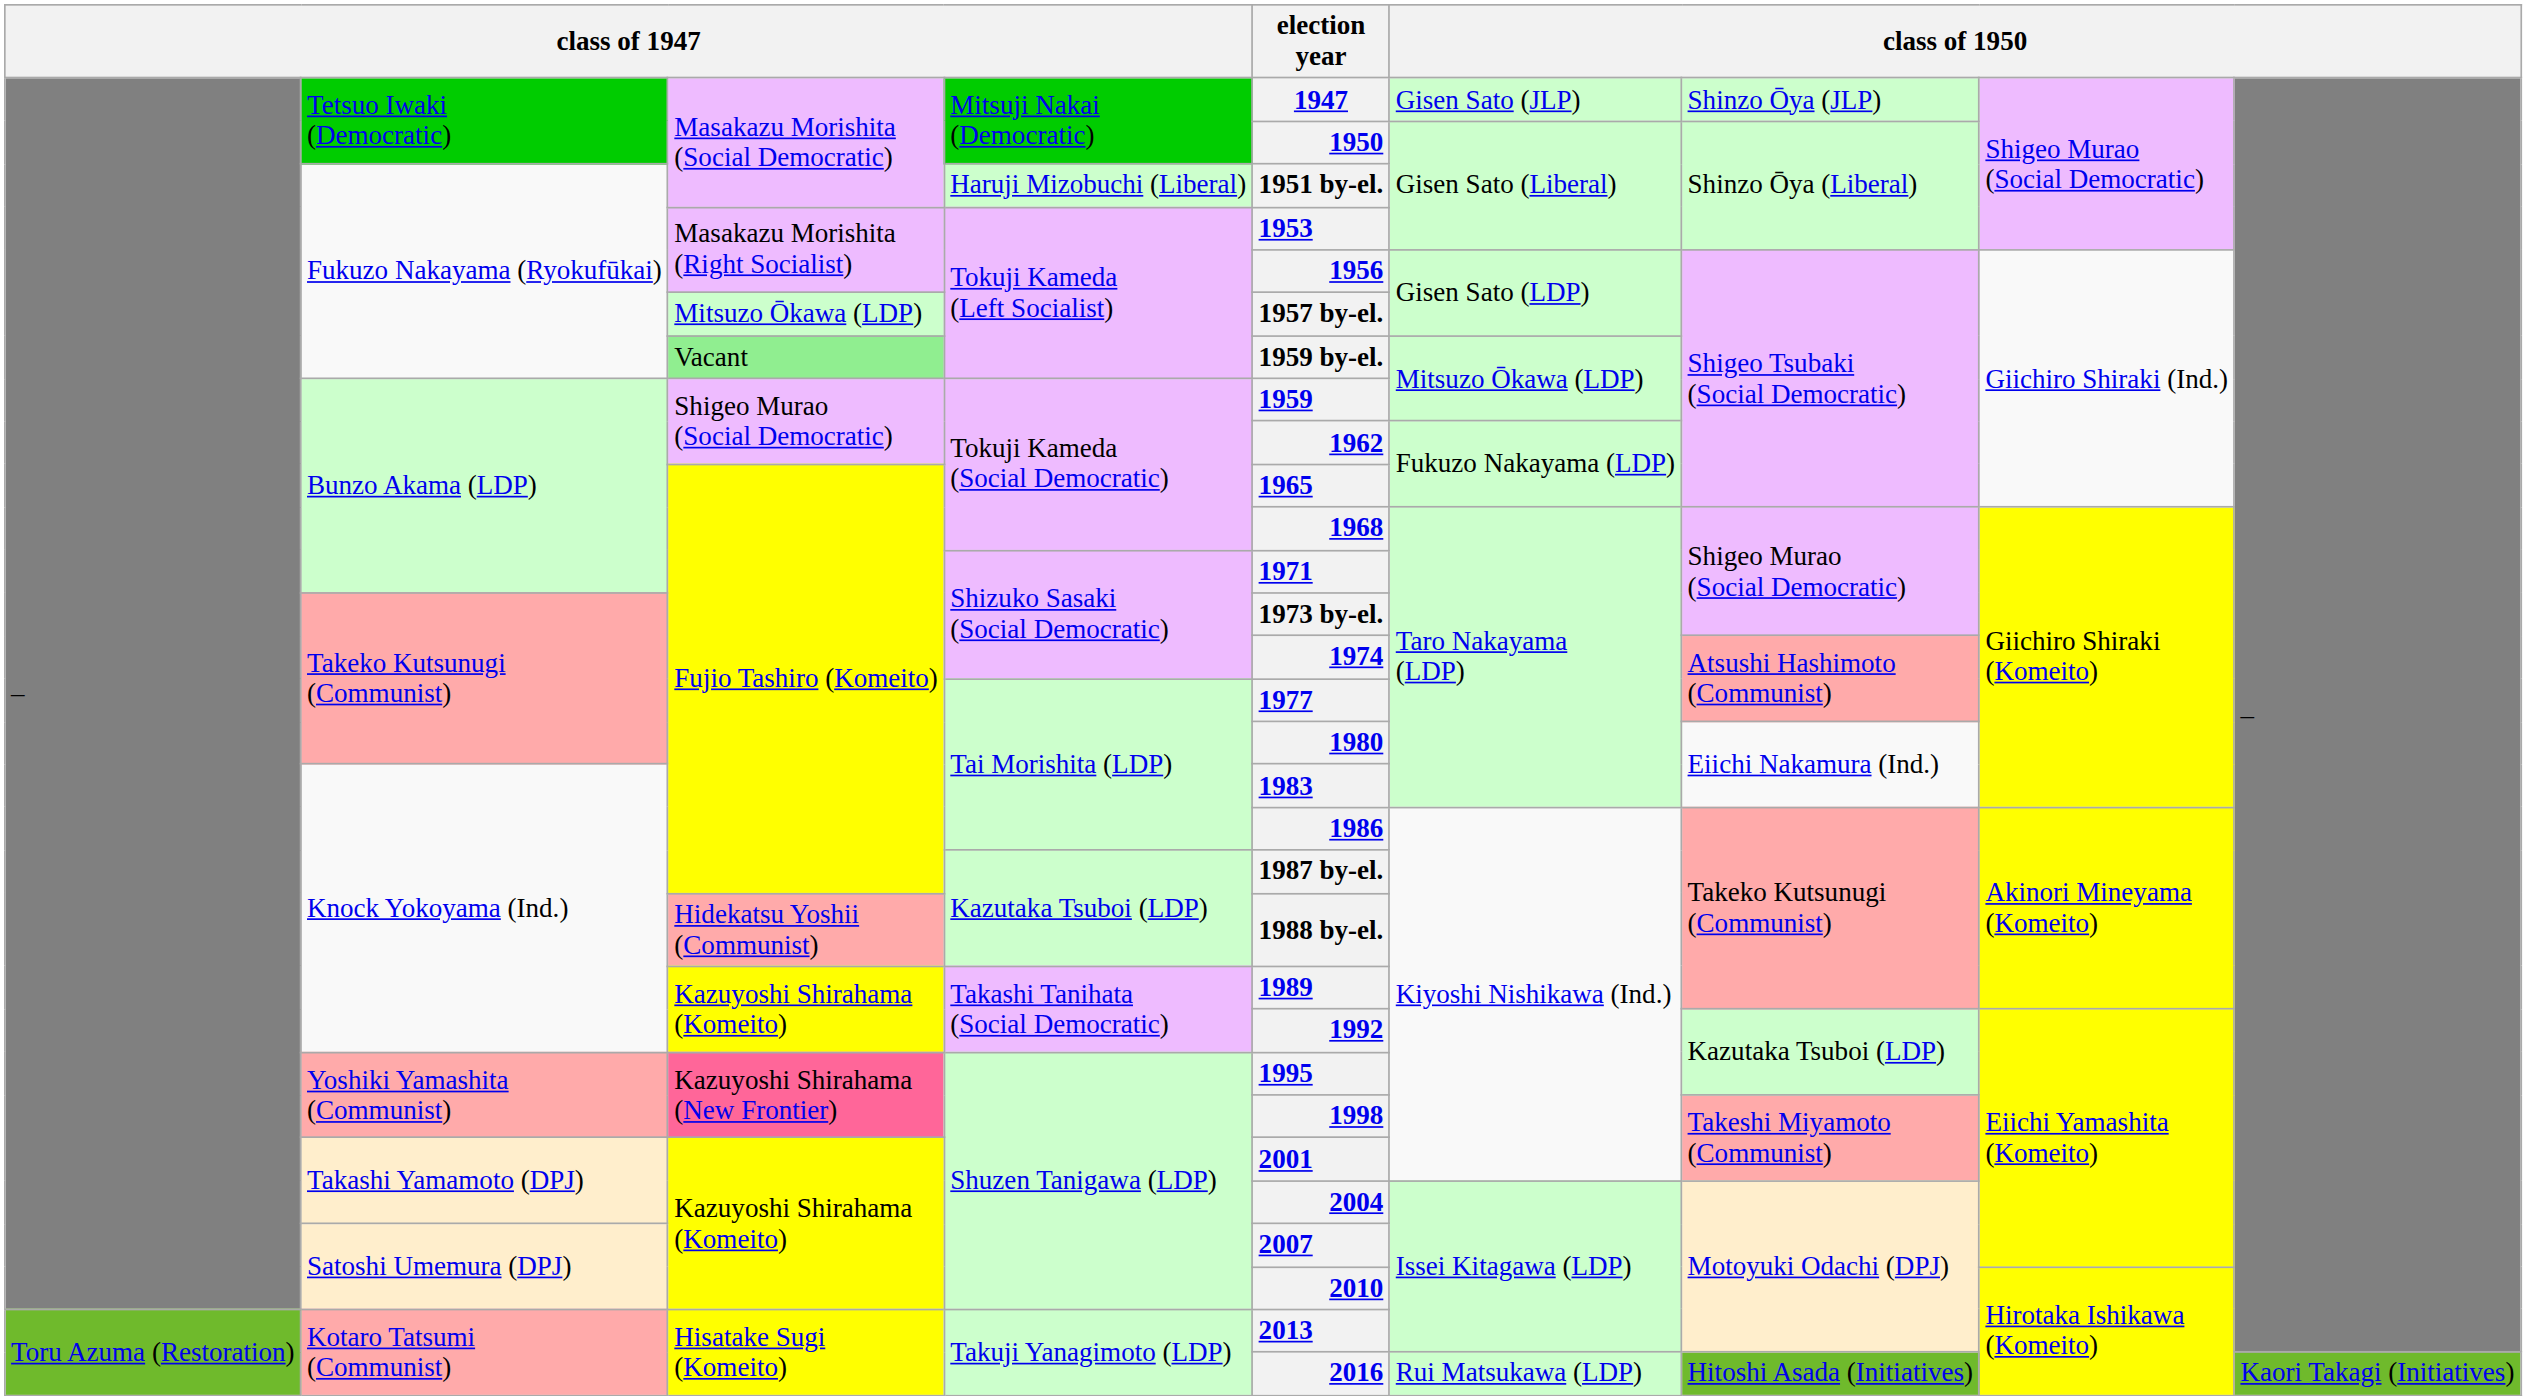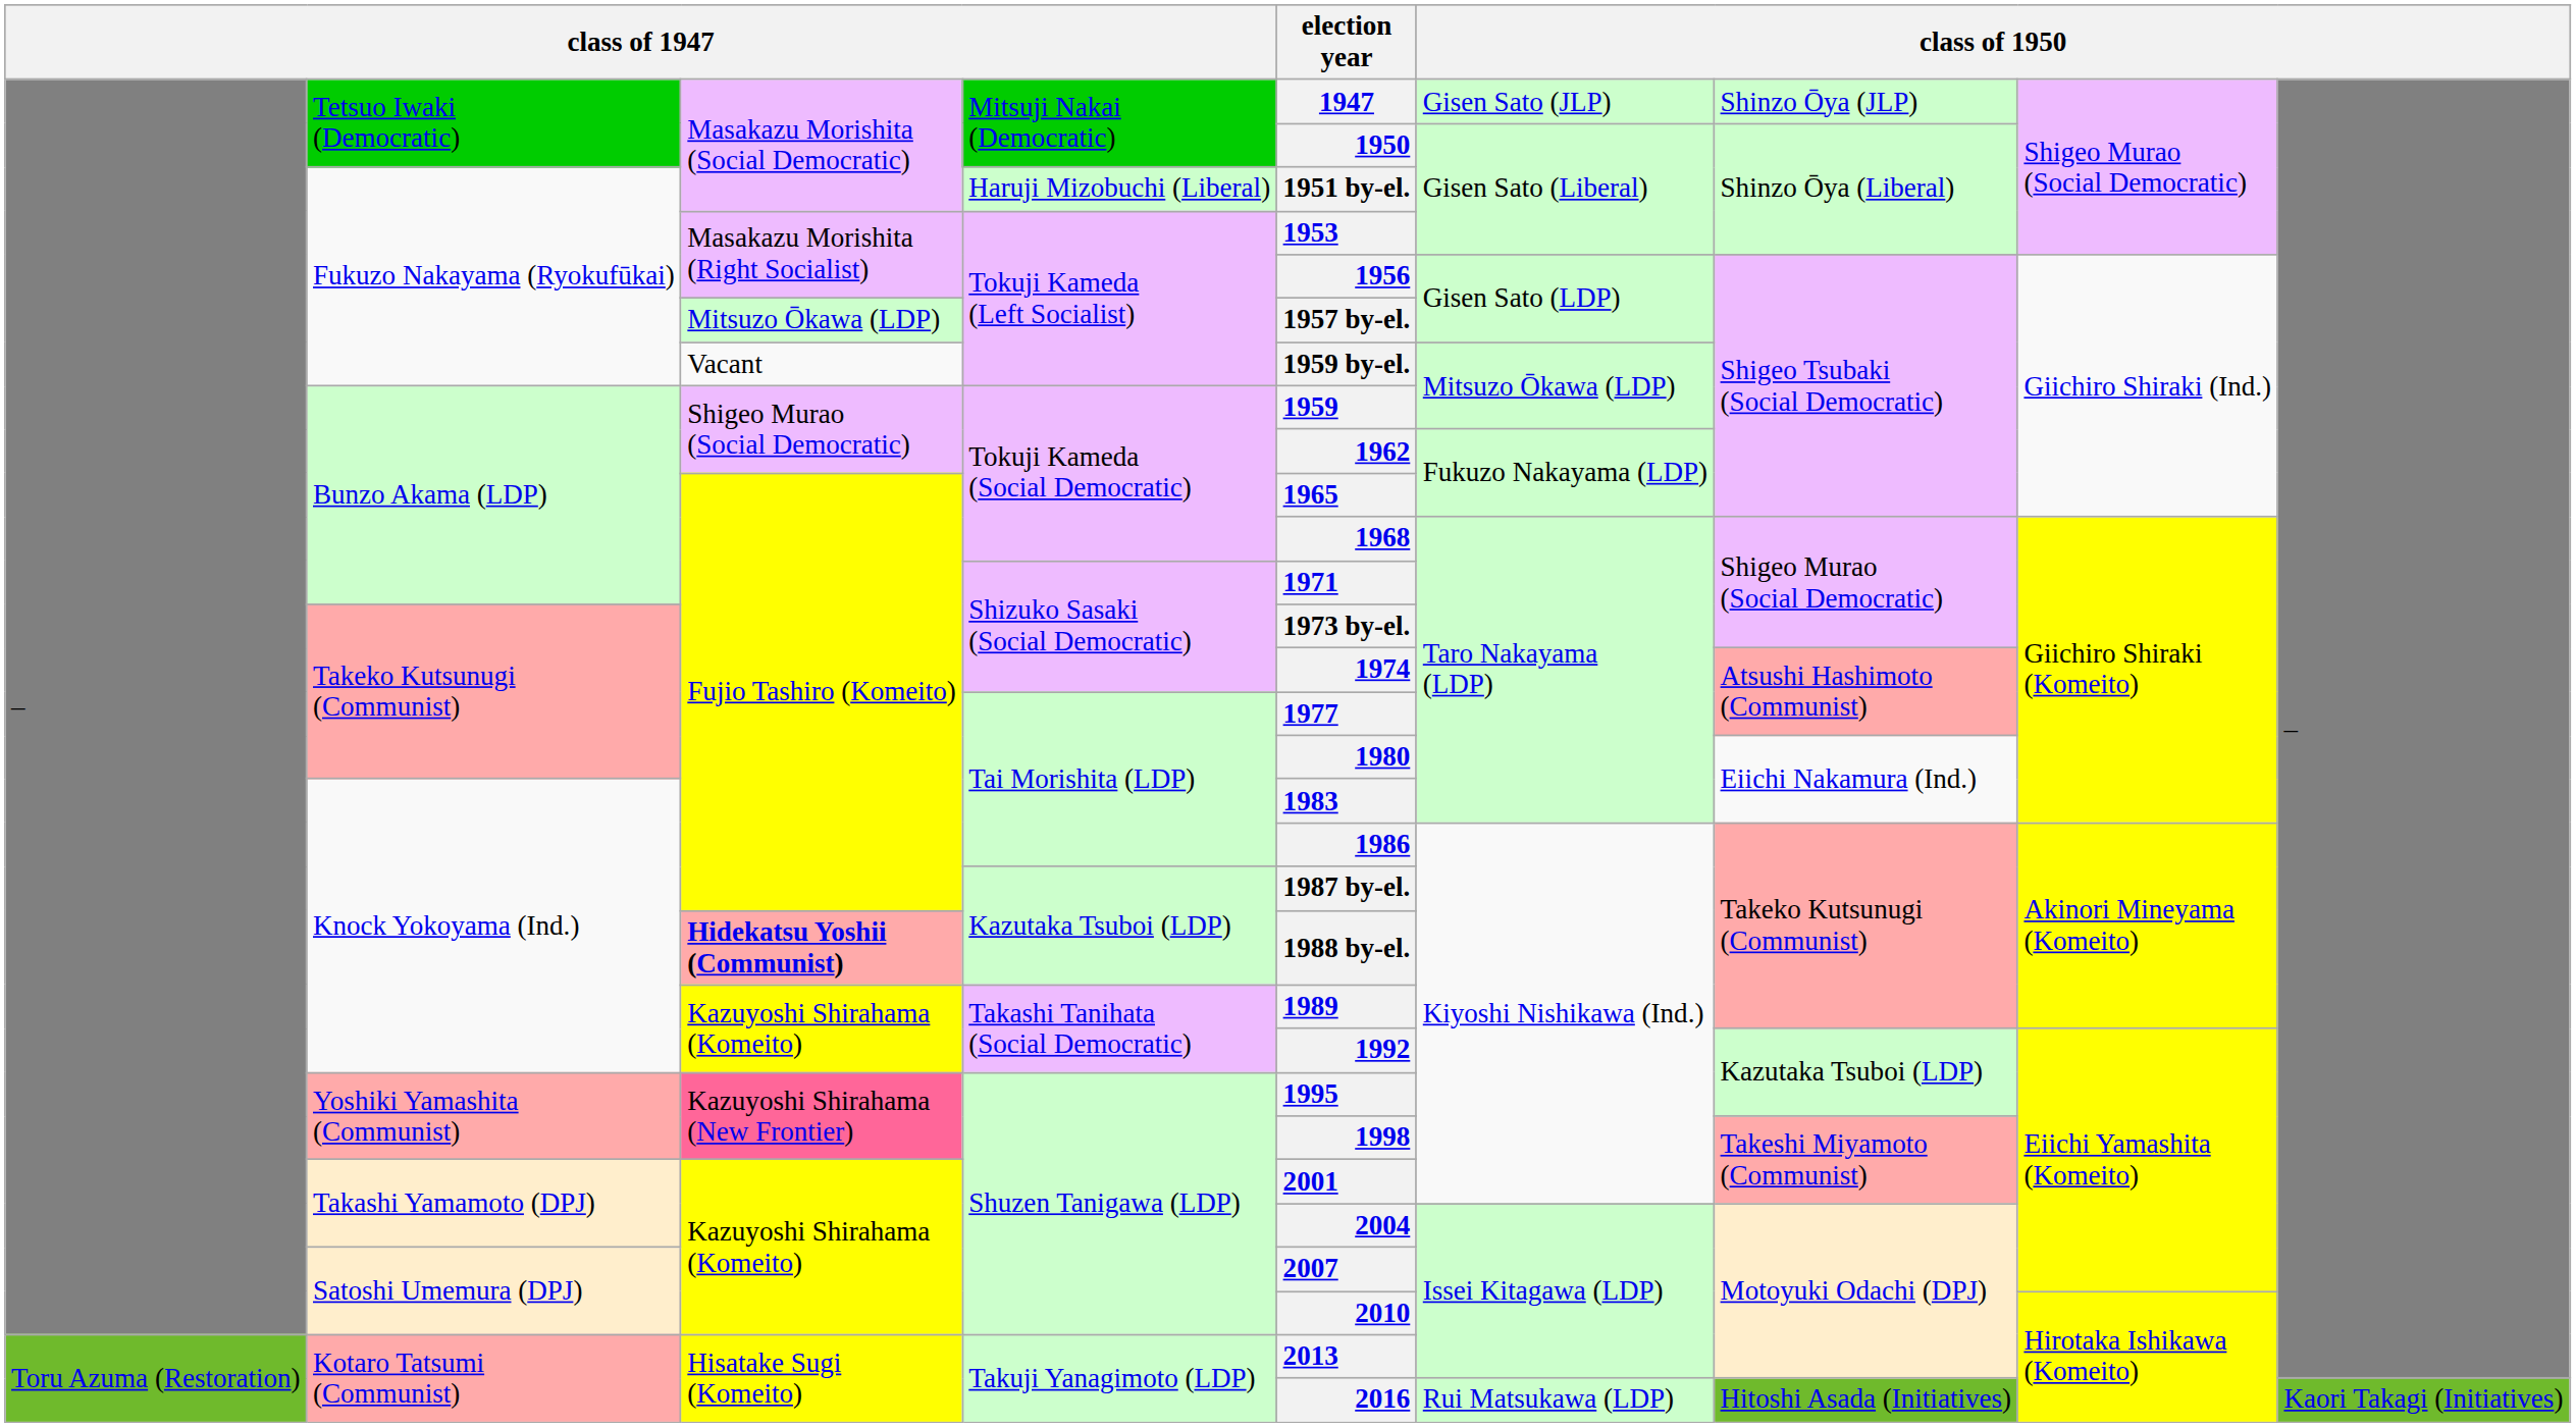 <table class="wikitable" border="1">
 <tr>
 <th colspan="4">class of 1947</th>
 <th>election<br>year</th>
 <th colspan="4">class of 1950</th>
 </tr>
 <tr>
 <td rowspan="28" bgcolor=grey>–</td>
 <td rowspan="2" bgcolor="#00CC00"><a href='#'>Tetsuo Iwaki</a><br>(<a href='#'>Democratic</a>)</td>
 <td rowspan="3" bgcolor="#EEBBFF"><a href='#'>Masakazu Morishita</a><br>(<a href='#'>Social Democratic</a>)</td>
 <td rowspan="2" bgcolor="#00CC00"><a href='#'>Mitsuji Nakai</a><br>(<a href='#'>Democratic</a>)</td>
 <th><a href='#'>1947</a></th>
 <td bgcolor="#CCFFCC"><a href='#'>Gisen Sato</a> (<a href='#'>JLP</a>)</td>
 <td bgcolor="#CCFFCC"><a href='#'>Shinzo Ōya</a> (<a href='#'>JLP</a>)</td>
 <td rowspan="4" bgcolor="#EEBBFF"><a href='#'>Shigeo Murao</a><br>(<a href='#'>Social Democratic</a>)</td>
 <td rowspan="29" bgcolor=grey>–</td>
 </tr>
 <tr>
 <th style="text-align: right"><a href='#'>1950</a></th>
 <td rowspan="3" bgcolor="#CCFFCC">Gisen Sato (<a href='#'>Liberal</a>)</td>
 <td rowspan="3" bgcolor="#CCFFCC">Shinzo Ōya (<a href='#'>Liberal</a>)</td>
 </tr>
 <tr>
 <td rowspan="5"><a href='#'>Fukuzo Nakayama</a> (<a href='#'>Ryokufūkai</a>)</td>
 <td bgcolor="#CCFFCC"><a href='#'>Haruji Mizobuchi</a> (<a href='#'>Liberal</a>)</td>
 <th style="text-align: left">1951 by-el.</th>
 </tr>
 <tr>
 <td rowspan="2" bgcolor="#EEBBFF">Masakazu Morishita<br>(<a href='#'>Right Socialist</a>)</td>
 <td rowspan="4" bgcolor="#EEBBFF"><a href='#'>Tokuji Kameda</a><br>(<a href='#'>Left Socialist</a>)</td>
 <th style="text-align: left"><a href='#'>1953</a></th>
 </tr>
 <tr>
 <th style="text-align: right"><a href='#'>1956</a></th>
 <td rowspan="2" bgcolor="#CCFFCC">Gisen Sato (<a href='#'>LDP</a>)</td>
 <td rowspan="6" bgcolor="#EEBBFF"><a href='#'>Shigeo Tsubaki</a><br>(<a href='#'>Social Democratic</a>)</td>
 <td rowspan="6"><a href='#'>Giichiro Shiraki</a> (Ind.)</td>
 </tr>
 <tr>
 <td bgcolor="#CCFFCC"><a href='#'>Mitsuzo Ōkawa</a> (<a href='#'>LDP</a>)</td>
 <th style="text-align: left">1957 by-el.</th>
 </tr>
 <tr>
-<td style="background: lightgreen;">Vacant</td>
+<td>Vacant</td>
 <th style="text-align: right">1959 by-el.</th>
 <td rowspan="2" bgcolor="#CCFFCC"><a href='#'>Mitsuzo Ōkawa</a> (<a href='#'>LDP</a>)</td>
 </tr>
 <tr>
 <td rowspan="5" bgcolor="#CCFFCC"><a href='#'>Bunzo Akama</a> (<a href='#'>LDP</a>)</td>
 <td rowspan="2" bgcolor="#EEBBFF">Shigeo Murao<br>(<a href='#'>Social Democratic</a>)</td>
 <td rowspan="4" bgcolor="#EEBBFF">Tokuji Kameda<br>(<a href='#'>Social Democratic</a>)</td>
 <th style="text-align: left"><a href='#'>1959</a></th>
 </tr>
 <tr>
 <th style="text-align: right"><a href='#'>1962</a></th>
 <td rowspan="2" bgcolor="#CCFFCC">Fukuzo Nakayama (<a href='#'>LDP</a>)</td>
 </tr>
 <tr>
 <td rowspan="10" bgcolor="#FFFF00"><a href='#'>Fujio Tashiro</a> (<a href='#'>Komeito</a>)</td>
 <th style="text-align: left"><a href='#'>1965</a></th>
 </tr>
 <tr>
 <th style="text-align: right"><a href='#'>1968</a></th>
 <td rowspan="7" bgcolor="#CCFFCC"><a href='#'>Taro Nakayama</a><br> (<a href='#'>LDP</a>)</td>
 <td rowspan="3" bgcolor="#EEBBFF">Shigeo Murao<br>(<a href='#'>Social Democratic</a>)</td>
 <td rowspan="7" bgcolor="#FFFF00">Giichiro Shiraki<br> (<a href='#'>Komeito</a>)</td>
 </tr>
 <tr>
 <td rowspan="3" bgcolor="#EEBBFF"><a href='#'>Shizuko Sasaki</a><br>(<a href='#'>Social Democratic</a>)</td>
 <th style="text-align: left"><a href='#'>1971</a></th>
 </tr>
 <tr>
 <td rowspan="4" bgcolor="#FFAAAA"><a href='#'>Takeko Kutsunugi</a><br>(<a href='#'>Communist</a>)</td>
 <th style="text-align: left">1973 by-el.</th>
 </tr>
 <tr>
 <th style="text-align: right"><a href='#'>1974</a></th>
 <td rowspan="2" bgcolor="#FFAAAA"><a href='#'>Atsushi Hashimoto</a><br>(<a href='#'>Communist</a>)</td>
 </tr>
 <tr>
 <td rowspan="4" bgcolor="#CCFFCC"><a href='#'>Tai Morishita</a> (<a href='#'>LDP</a>)</td>
 <th style="text-align: left"><a href='#'>1977</a></th>
 </tr>
 <tr>
 <th style="text-align: right"><a href='#'>1980</a></th>
 <td rowspan="2"><a href='#'>Eiichi Nakamura</a> (Ind.)</td>
 </tr>
 <tr>
 <td rowspan="6"><a href='#'>Knock Yokoyama</a> (Ind.)</td>
 <th style="text-align: left"><a href='#'>1983</a></th>
 </tr>
 <tr>
 <th style="text-align: right"><a href='#'>1986</a></th>
 <td rowspan="8"><a href='#'>Kiyoshi Nishikawa</a> (Ind.)</td>
 <td rowspan="4" bgcolor="#FFAAAA">Takeko Kutsunugi<br>(<a href='#'>Communist</a>)</td>
 <td rowspan="4" bgcolor="#FFFF00"><a href='#'>Akinori Mineyama</a><br> (<a href='#'>Komeito</a>)</td>
 </tr>
 <tr>
 <td rowspan="2" bgcolor="#CCFFCC"><a href='#'>Kazutaka Tsuboi</a> (<a href='#'>LDP</a>)</td>
 <th style="text-align: left">1987 by-el.</th>
 </tr>
 <tr>
-<td bgcolor="#FFAAAA"><a href='#'>Hidekatsu Yoshii</a><br>(<a href='#'>Communist</a>)</td>
+<td bgcolor="#FFAAAA"><strong><a href='#'>Hidekatsu Yoshii</a><br>(<a href='#'>Communist</a>)</strong></td>
 <th style="text-align: left">1988 by-el.</th>
 </tr>
 <tr>
 <td rowspan="2" bgcolor="#FFFF00"><a href='#'>Kazuyoshi Shirahama</a><br> (<a href='#'>Komeito</a>)</td>
 <td rowspan="2" bgcolor="#EEBBFF"><a href='#'>Takashi Tanihata</a><br>(<a href='#'>Social Democratic</a>)</td>
 <th style="text-align: left"><a href='#'>1989</a></th>
 </tr>
 <tr>
 <th style="text-align: right"><a href='#'>1992</a></th>
 <td rowspan="2" bgcolor="#CCFFCC">Kazutaka Tsuboi (<a href='#'>LDP</a>)</td>
 <td rowspan="6" bgcolor="#FFFF00"><a href='#'>Eiichi Yamashita</a><br> (<a href='#'>Komeito</a>)</td>
 </tr>
 <tr>
 <td rowspan="2" bgcolor="#FFAAAA"><a href='#'>Yoshiki Yamashita</a><br>(<a href='#'>Communist</a>)</td>
 <td rowspan="2" bgcolor="#FF6699">Kazuyoshi Shirahama<br>(<a href='#'>New Frontier</a>)</td>
 <td rowspan="6" bgcolor="#CCFFCC"><a href='#'>Shuzen Tanigawa</a> (<a href='#'>LDP</a>)</td>
 <th style="text-align: left"><a href='#'>1995</a></th>
 </tr>
 <tr>
 <th style="text-align: right"><a href='#'>1998</a></th>
 <td rowspan="2" bgcolor="#FFAAAA"><a href='#'>Takeshi Miyamoto</a><br>(<a href='#'>Communist</a>)</td>
 </tr>
 <tr>
 <td rowspan="2" bgcolor="#FFEECC"><a href='#'>Takashi Yamamoto</a> (<a href='#'>DPJ</a>)</td>
 <td rowspan="4" bgcolor="#FFFF00">Kazuyoshi Shirahama<br> (<a href='#'>Komeito</a>)</td>
 <th style="text-align: left"><a href='#'>2001</a></th>
 </tr>
 <tr>
 <th style="text-align: right"><a href='#'>2004</a></th>
 <td rowspan="4" bgcolor="#CCFFCC"><a href='#'>Issei Kitagawa</a> (<a href='#'>LDP</a>)</td>
 <td rowspan="4" bgcolor="#FFEECC"><a href='#'>Motoyuki Odachi</a> (<a href='#'>DPJ</a>)</td>
 </tr>
 <tr>
 <td rowspan="2" bgcolor="#FFEECC"><a href='#'>Satoshi Umemura</a> (<a href='#'>DPJ</a>)</td>
 <th style="text-align: left"><a href='#'>2007</a></th>
 </tr>
 <tr>
 <th style="text-align: right"><a href='#'>2010</a></th>
 <td rowspan="3" bgcolor="#FFFF00"><a href='#'>Hirotaka Ishikawa</a><br> (<a href='#'>Komeito</a>)</td>
 </tr>
 <tr>
 <td rowspan="2" bgcolor="#6FBA2C"><a href='#'>Toru Azuma</a> (<a href='#'>Restoration</a>)</td>
 <td rowspan="2" bgcolor="#FFAAAA"><a href='#'>Kotaro Tatsumi</a><br>(<a href='#'>Communist</a>)</td>
 <td rowspan="2" bgcolor="#FFFF00"><a href='#'>Hisatake Sugi</a><br> (<a href='#'>Komeito</a>)</td>
 <td rowspan="2" bgcolor="#CCFFCC"><a href='#'>Takuji Yanagimoto</a> (<a href='#'>LDP</a>)</td>
 <th style="text-align: left"><a href='#'>2013</a></th>
 </tr>
 <tr>
 <th style="text-align: right"><a href='#'>2016</a></th>
 <td bgcolor="#CCFFCC"><a href='#'>Rui Matsukawa</a> (<a href='#'>LDP</a>)</td>
 <td bgcolor="#6FBA2C"><a href='#'>Hitoshi Asada</a> (<a href='#'>Initiatives</a>)</td>
 <td bgcolor="#6FBA2C"><a href='#'>Kaori Takagi</a> (<a href='#'>Initiatives</a>)</td>
 </tr>
 </table>
